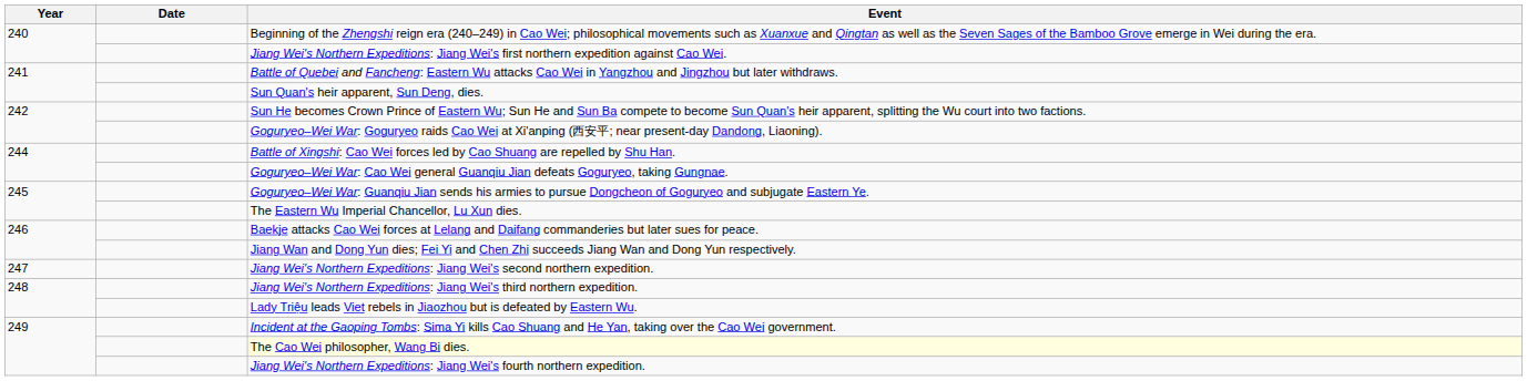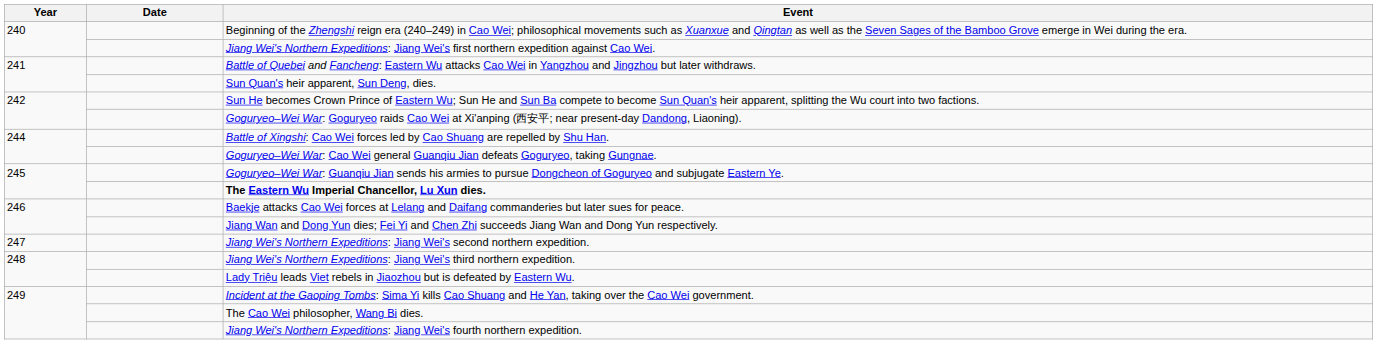 <table class="wikitable" style="width:100%;">
 <tr>
 <th style="width:6%">Year</th>
 <th style="width:10%">Date</th>
 <th>Event</th>
 </tr>
 <tr>
 <td rowspan="2" style="vertical-align:top;">240</td>
 <td></td>
 <td>Beginning of the <em><a href='#'>Zhengshi</a></em> reign era (240–249) in <a href='#'>Cao Wei</a>; philosophical movements such as <em><a href='#'>Xuanxue</a></em> and <em><a href='#'>Qingtan</a></em> as well as the <a href='#'>Seven Sages of the Bamboo Grove</a> emerge in Wei during the era.</td>
 </tr>
 <tr>
 <td></td>
 <td><em><a href='#'>Jiang Wei's Northern Expeditions</a></em>: <a href='#'>Jiang Wei's</a> first northern expedition against <a href='#'>Cao Wei</a>.</td>
 </tr>
 <tr>
 <td rowspan="2" style="vertical-align:top;">241</td>
 <td></td>
 <td><em><a href='#'>Battle of Quebei</a> and <a href='#'>Fancheng</a></em>: <a href='#'>Eastern Wu</a> attacks <a href='#'>Cao Wei</a> in <a href='#'>Yangzhou</a> and <a href='#'>Jingzhou</a> but later withdraws.</td>
 </tr>
 <tr>
 <td></td>
 <td><a href='#'>Sun Quan's</a> heir apparent, <a href='#'>Sun Deng</a>, dies.</td>
 </tr>
 <tr>
 <td rowspan="2" style="vertical-align:top;">242</td>
 <td></td>
 <td><a href='#'>Sun He</a> becomes Crown Prince of <a href='#'>Eastern Wu</a>; Sun He and <a href='#'>Sun Ba</a> compete to become <a href='#'>Sun Quan's</a> heir apparent, splitting the Wu court into two factions.</td>
 </tr>
 <tr>
 <td></td>
 <td><em><a href='#'>Goguryeo–Wei War</a></em>: <a href='#'>Goguryeo</a> raids <a href='#'>Cao Wei</a> at Xi'anping (西安平; near present-day <a href='#'>Dandong</a>, Liaoning).</td>
 </tr>
 <tr>
 <td rowspan="2" style="vertical-align:top;">244</td>
 <td></td>
 <td><em><a href='#'>Battle of Xingshi</a></em>: <a href='#'>Cao Wei</a> forces led by <a href='#'>Cao Shuang</a> are repelled by <a href='#'>Shu Han</a>.</td>
 </tr>
 <tr>
 <td></td>
 <td><em><a href='#'>Goguryeo–Wei War</a></em>: <a href='#'>Cao Wei</a> general <a href='#'>Guanqiu Jian</a> defeats <a href='#'>Goguryeo</a>, taking <a href='#'>Gungnae</a>.</td>
 </tr>
 <tr>
 <td rowspan="2" style="vertical-align:top;">245</td>
 <td></td>
 <td><em><a href='#'>Goguryeo–Wei War</a></em>: <a href='#'>Guanqiu Jian</a> sends his armies to pursue <a href='#'>Dongcheon of Goguryeo</a> and subjugate <a href='#'>Eastern Ye</a>.</td>
 </tr>
 <tr>
 <td></td>
-<td>The <a href='#'>Eastern Wu</a> Imperial Chancellor, <a href='#'>Lu Xun</a> dies.</td>
+<td><strong>The <a href='#'>Eastern Wu</a> Imperial Chancellor, <a href='#'>Lu Xun</a> dies.</strong></td>
 </tr>
 <tr>
 <td rowspan="2" style="vertical-align:top;">246</td>
 <td></td>
 <td><a href='#'>Baekje</a> attacks <a href='#'>Cao Wei</a> forces at <a href='#'>Lelang</a> and <a href='#'>Daifang</a> commanderies but later sues for peace.</td>
 </tr>
 <tr>
 <td></td>
 <td><a href='#'>Jiang Wan</a> and <a href='#'>Dong Yun</a> dies; <a href='#'>Fei Yi</a> and <a href='#'>Chen Zhi</a> succeeds Jiang Wan and Dong Yun respectively.</td>
 </tr>
 <tr>
 <td>247</td>
 <td></td>
 <td><em><a href='#'>Jiang Wei's Northern Expeditions</a></em>: <a href='#'>Jiang Wei's</a> second northern expedition.</td>
 </tr>
 <tr>
 <td rowspan="2" style="vertical-align:top;">248</td>
 <td></td>
 <td><em><a href='#'>Jiang Wei's Northern Expeditions</a></em>: <a href='#'>Jiang Wei's</a> third northern expedition.</td>
 </tr>
 <tr>
 <td></td>
 <td><a href='#'>Lady Triệu</a> leads <a href='#'>Viet</a> rebels in <a href='#'>Jiaozhou</a> but is defeated by <a href='#'>Eastern Wu</a>.</td>
 </tr>
 <tr>
 <td rowspan="3" style="vertical-align:top;">249</td>
 <td></td>
 <td><em><a href='#'>Incident at the Gaoping Tombs</a></em>: <a href='#'>Sima Yi</a> kills <a href='#'>Cao Shuang</a> and <a href='#'>He Yan</a>, taking over the <a href='#'>Cao Wei</a> government.</td>
 </tr>
 <tr>
 <td></td>
-<td style="background: lightyellow;">The <a href='#'>Cao Wei</a> philosopher, <a href='#'>Wang Bi</a> dies.</td>
+<td>The <a href='#'>Cao Wei</a> philosopher, <a href='#'>Wang Bi</a> dies.</td>
 </tr>
 <tr>
 <td></td>
 <td><em><a href='#'>Jiang Wei's Northern Expeditions</a></em>: <a href='#'>Jiang Wei's</a> fourth northern expedition.</td>
 </tr>
 </table>
